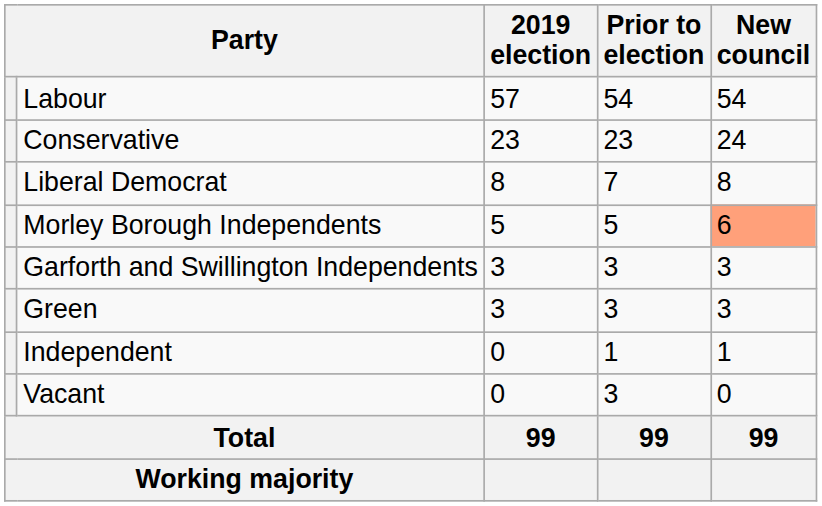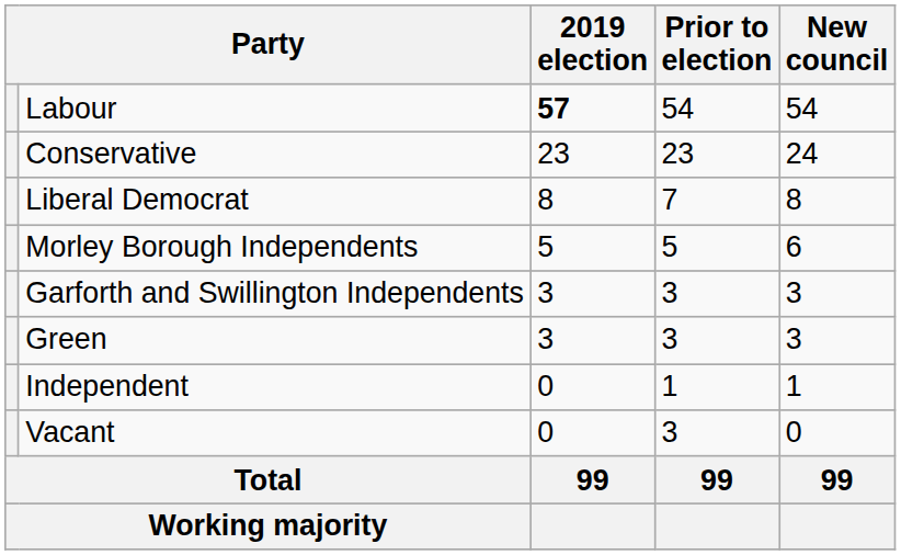 <table class="wikitable">
 <tr>
 <th colspan="2" style="width:230px;">Party</th>
 <th style="vertical-align:top; width:30px;">2019 election</th>
 <th style="vertical-align:top; width:30px;">Prior to election</th>
 <th style="vertical-align:top; width:30px;">New council</th>
 </tr>
 <tr>
 <th style="background-color: "></th>
 <td>Labour</td>
-<td>57</td>
+<td><strong>57</strong></td>
 <td>54</td>
 <td>54</td>
 </tr>
 <tr>
 <th style="background-color: "></th>
 <td>Conservative</td>
 <td>23</td>
 <td>23</td>
 <td>24</td>
 </tr>
 <tr>
 <th style="background-color: "></th>
 <td>Liberal Democrat</td>
 <td>8</td>
 <td>7</td>
 <td>8</td>
 </tr>
 <tr>
 <th style="background-color: "></th>
 <td>Morley Borough Independents</td>
 <td>5</td>
 <td>5</td>
-<td style="background: lightsalmon;">6</td>
+<td>6</td>
 </tr>
 <tr>
 <th style="background-color: "></th>
 <td>Garforth and Swillington Independents</td>
 <td>3</td>
 <td>3</td>
 <td>3</td>
 </tr>
 <tr>
 <th style="background-color: "></th>
 <td>Green</td>
 <td>3</td>
 <td>3</td>
 <td>3</td>
 </tr>
 <tr>
 <th style="background-color: "></th>
 <td>Independent</td>
 <td>0</td>
 <td>1</td>
 <td>1</td>
 </tr>
 <tr>
 <th style="background-color: "></th>
 <td>Vacant</td>
 <td>0</td>
 <td>3</td>
 <td>0</td>
 </tr>
 <tr>
 <th colspan=2>Total</th>
 <th style="text-align: center">99</th>
 <th>99</th>
 <th>99</th>
 </tr>
 <tr>
 <th colspan=2>Working majority</th>
 <th></th>
 <th></th>
 <th></th>
 </tr>
 </table>
